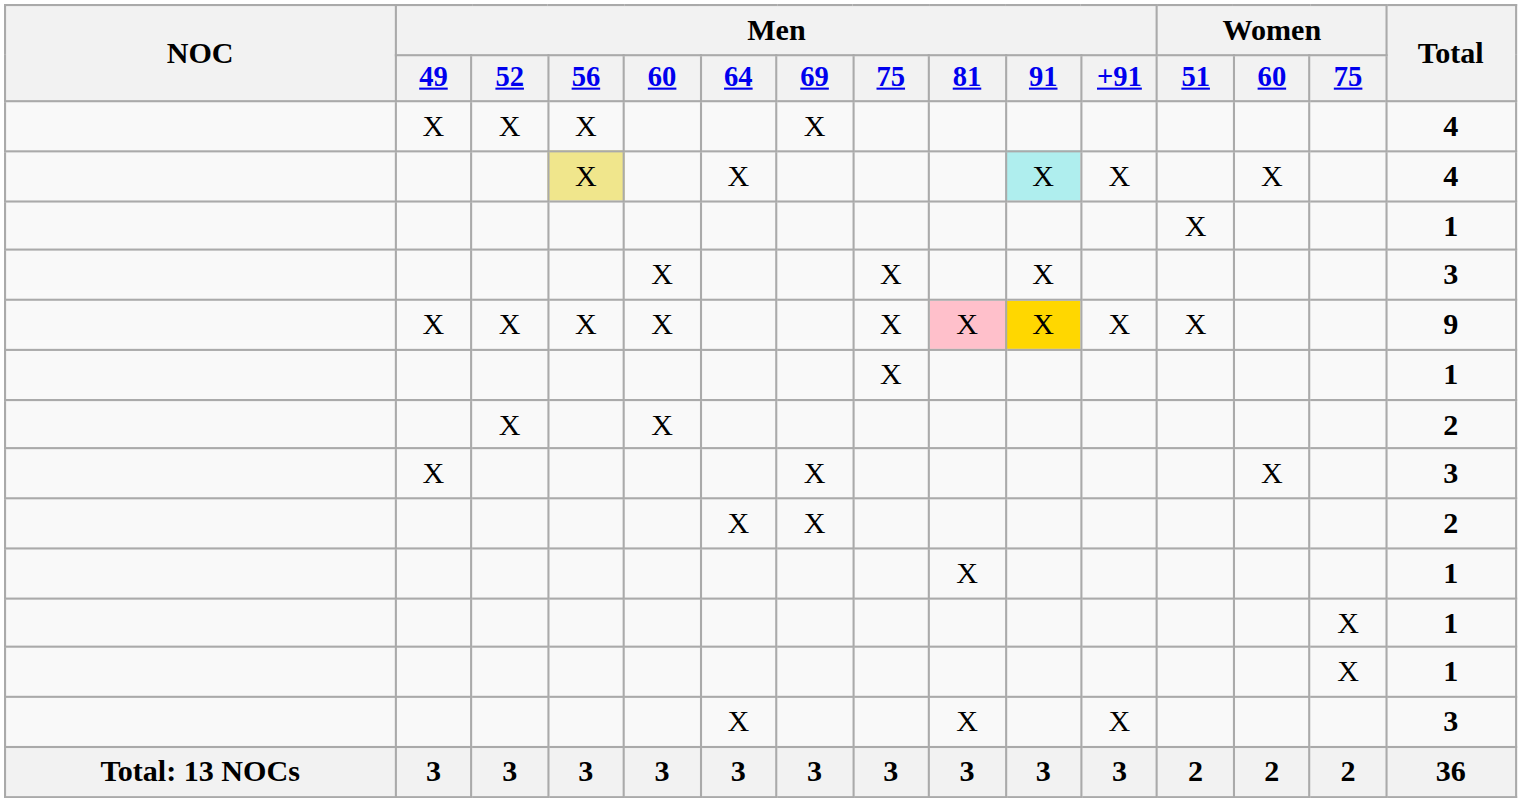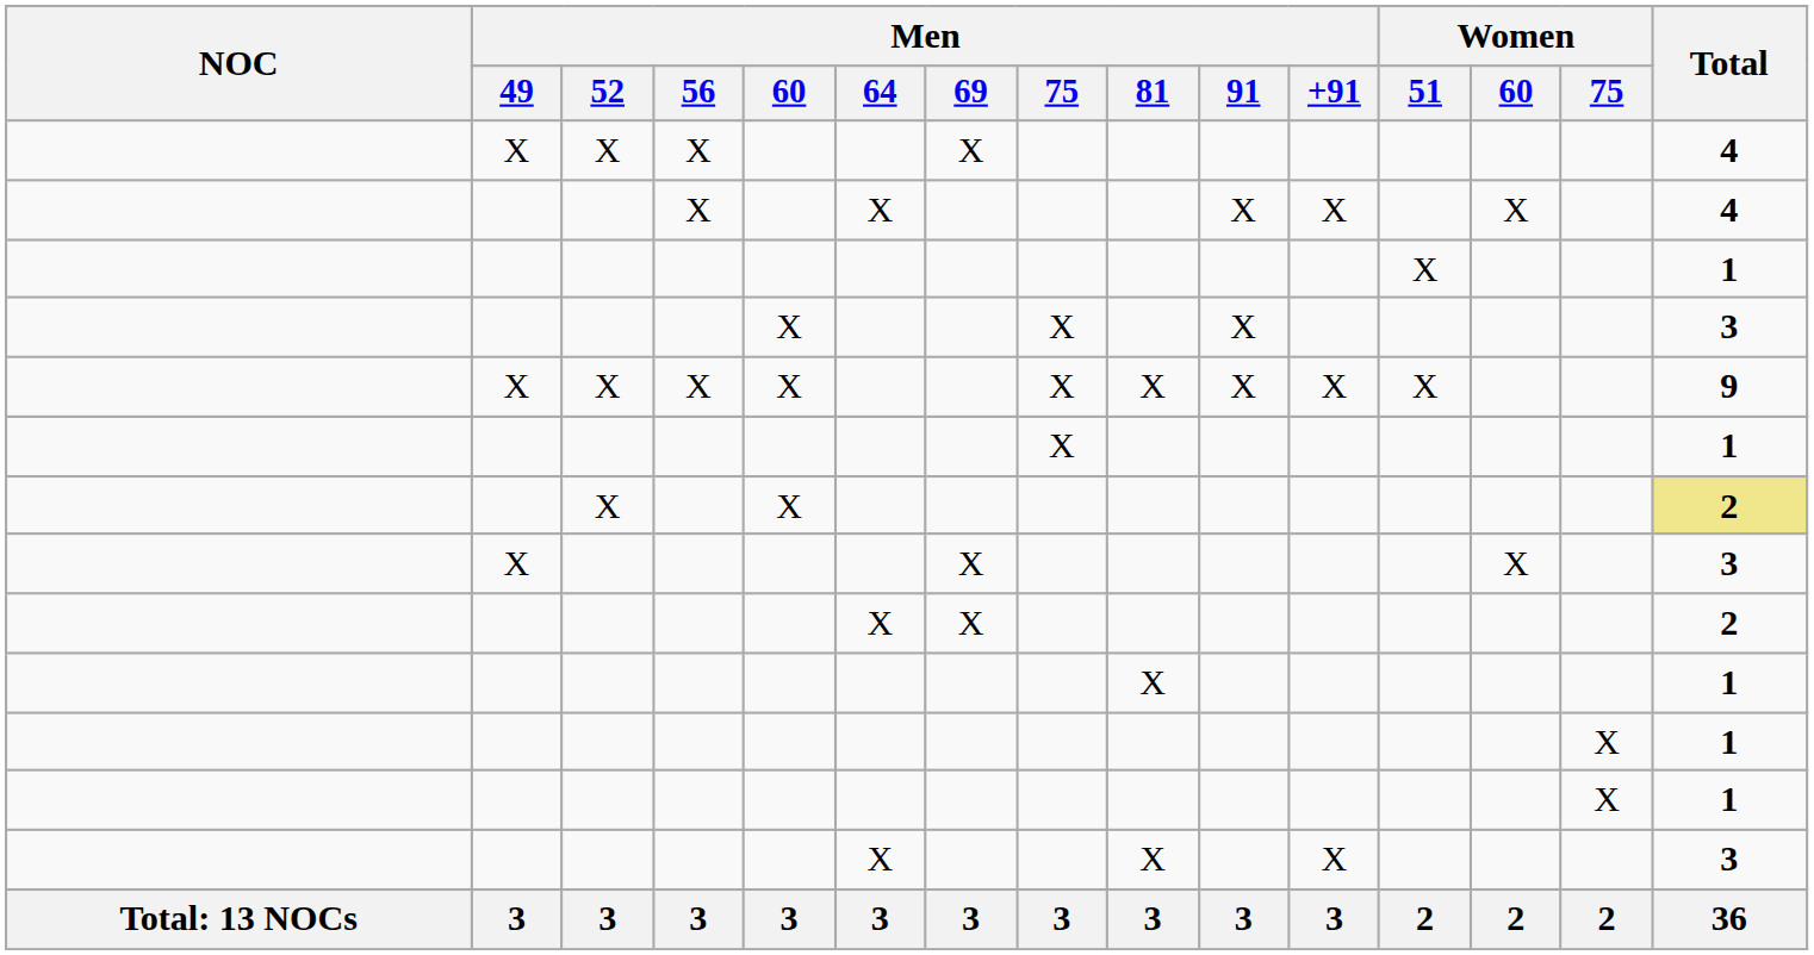 <table class="wikitable" style="text-align:center; font-size:90%">
 <tr>
 <th rowspan="2" width=180 style="text-align:center;">NOC</th>
 <th colspan="10">Men</th>
 <th colspan=3>Women</th>
 <th ! width=55 rowspan="2">Total</th>
 </tr>
 <tr style="font-size: 95%">
 <th width=30><a href='#'>49</a></th>
 <th width=30><a href='#'>52</a></th>
 <th width=30><a href='#'>56</a></th>
 <th width=30><a href='#'>60</a></th>
 <th width=30><a href='#'>64</a></th>
 <th width=30><a href='#'>69</a></th>
 <th width=30><a href='#'>75</a></th>
 <th width=30><a href='#'>81</a></th>
 <th width=30><a href='#'>91</a></th>
 <th width=30><a href='#'>+91</a></th>
 <th width=30><a href='#'>51</a></th>
 <th width=30><a href='#'>60</a></th>
 <th width=30><a href='#'>75</a></th>
 </tr>
 <tr>
 <td style="text-align:left;"></td>
 <td>X</td>
 <td>X</td>
 <td>X</td>
 <td></td>
 <td></td>
 <td>X</td>
 <td></td>
 <td></td>
 <td></td>
 <td></td>
 <td></td>
 <td></td>
 <td></td>
 <td><strong>4</strong></td>
 </tr>
 <tr>
 <td style="text-align:left;"></td>
 <td></td>
 <td></td>
-<td style="background: khaki;">X</td>
+<td>X</td>
 <td></td>
 <td>X</td>
 <td></td>
 <td></td>
 <td></td>
-<td style="background: paleturquoise;">X</td>
+<td>X</td>
 <td>X</td>
 <td></td>
 <td>X</td>
 <td></td>
 <td><strong>4</strong></td>
 </tr>
 <tr>
 <td style="text-align:left;"></td>
 <td></td>
 <td></td>
 <td></td>
 <td></td>
 <td></td>
 <td></td>
 <td></td>
 <td></td>
 <td></td>
 <td></td>
 <td>X</td>
 <td></td>
 <td></td>
 <td><strong>1</strong></td>
 </tr>
 <tr>
 <td style="text-align:left;"></td>
 <td></td>
 <td></td>
 <td></td>
 <td>X</td>
 <td></td>
 <td></td>
 <td>X</td>
 <td></td>
 <td>X</td>
 <td></td>
 <td></td>
 <td></td>
 <td></td>
 <td><strong>3</strong></td>
 </tr>
 <tr>
 <td style="text-align:left;"></td>
 <td>X</td>
 <td>X</td>
 <td>X</td>
 <td>X</td>
 <td></td>
 <td></td>
 <td>X</td>
-<td style="background: pink;">X</td>
-<td style="background: gold;">X</td>
+<td>X</td>
+<td>X</td>
 <td>X</td>
 <td>X</td>
 <td></td>
 <td></td>
 <td><strong>9</strong></td>
 </tr>
 <tr>
 <td style="text-align:left;"></td>
 <td></td>
 <td></td>
 <td></td>
 <td></td>
 <td></td>
 <td></td>
 <td>X</td>
 <td></td>
 <td></td>
 <td></td>
 <td></td>
 <td></td>
 <td></td>
 <td><strong>1</strong></td>
 </tr>
 <tr>
 <td style="text-align:left;"></td>
 <td></td>
 <td>X</td>
 <td></td>
 <td>X</td>
 <td></td>
 <td></td>
 <td></td>
 <td></td>
 <td></td>
 <td></td>
 <td></td>
 <td></td>
 <td></td>
-<td><strong>2</strong></td>
+<td style="background: khaki;"><strong>2</strong></td>
 </tr>
 <tr>
 <td style="text-align:left;"></td>
 <td>X</td>
 <td></td>
 <td></td>
 <td></td>
 <td></td>
 <td>X</td>
 <td></td>
 <td></td>
 <td></td>
 <td></td>
 <td></td>
 <td>X</td>
 <td></td>
 <td><strong>3</strong></td>
 </tr>
 <tr>
 <td style="text-align:left;"></td>
 <td></td>
 <td></td>
 <td></td>
 <td></td>
 <td>X</td>
 <td>X</td>
 <td></td>
 <td></td>
 <td></td>
 <td></td>
 <td></td>
 <td></td>
 <td></td>
 <td><strong>2</strong></td>
 </tr>
 <tr>
 <td style="text-align:left;"></td>
 <td></td>
 <td></td>
 <td></td>
 <td></td>
 <td></td>
 <td></td>
 <td></td>
 <td>X</td>
 <td></td>
 <td></td>
 <td></td>
 <td></td>
 <td></td>
 <td><strong>1</strong></td>
 </tr>
 <tr>
 <td style="text-align:left;"></td>
 <td></td>
 <td></td>
 <td></td>
 <td></td>
 <td></td>
 <td></td>
 <td></td>
 <td></td>
 <td></td>
 <td></td>
 <td></td>
 <td></td>
 <td>X</td>
 <td><strong>1</strong></td>
 </tr>
 <tr>
 <td style="text-align:left;"></td>
 <td></td>
 <td></td>
 <td></td>
 <td></td>
 <td></td>
 <td></td>
 <td></td>
 <td></td>
 <td></td>
 <td></td>
 <td></td>
 <td></td>
 <td>X</td>
 <td><strong>1</strong></td>
 </tr>
 <tr>
 <td style="text-align:left;"></td>
 <td></td>
 <td></td>
 <td></td>
 <td></td>
 <td>X</td>
 <td></td>
 <td></td>
 <td>X</td>
 <td></td>
 <td>X</td>
 <td></td>
 <td></td>
 <td></td>
 <td><strong>3</strong></td>
 </tr>
 <tr>
 <th>Total: 13 NOCs</th>
 <th>3</th>
 <th>3</th>
 <th>3</th>
 <th>3</th>
 <th>3</th>
 <th>3</th>
 <th>3</th>
 <th>3</th>
 <th>3</th>
 <th>3</th>
 <th>2</th>
 <th>2</th>
 <th>2</th>
 <th>36</th>
 </tr>
 </table>
